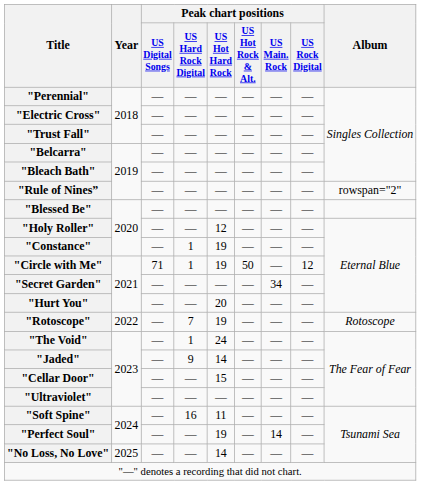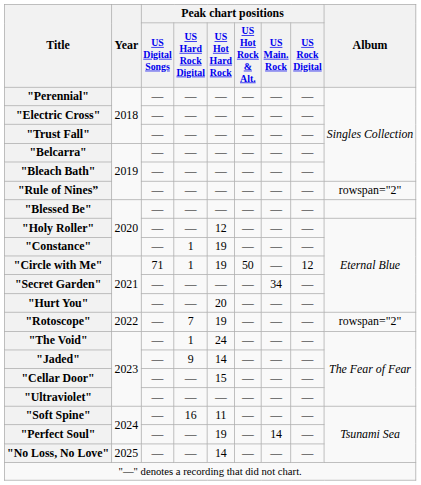 <table class="wikitable plainrowheaders" style="text-align:center;">
 <tr>
 <th scope="col" rowspan="2">Title</th>
 <th scope="col" rowspan="2">Year</th>
 <th scope="col" colspan="6">Peak chart positions</th>
 <th scope="col" rowspan="2">Album</th>
 </tr>
 <tr style="font-size:smaller">
 <th scope="col" style="width:30px;"><a href='#'>US<br>Digital<br>Songs</a><br></th>
 <th scope="col" style="width:30px;"><a href='#'>US<br>Hard<br>Rock<br>Digital</a><br></th>
 <th scope="col" style="width:30px;"><a href='#'>US<br>Hot<br>Hard<br>Rock</a><br></th>
 <th scope="col" style="width:30px;"><a href='#'>US<br>Hot<br>Rock<br>&<br>Alt.</a><br></th>
 <th scope="col" style="width:30px;"><a href='#'>US<br>Main.<br>Rock</a><br></th>
 <th scope="col" style="width:30px;"><a href='#'>US<br>Rock<br>Digital</a><br></th>
 </tr>
 <tr>
 <th scope="row">"Perennial"</th>
 <td rowspan="3">2018</td>
 <td>—</td>
 <td>—</td>
 <td>—</td>
 <td>—</td>
 <td>—</td>
 <td>—</td>
 <td rowspan="5"><em>Singles Collection</em></td>
 </tr>
 <tr>
 <th scope="row">"Electric Cross"</th>
 <td>—</td>
 <td>—</td>
 <td>—</td>
 <td>—</td>
 <td>—</td>
 <td>—</td>
 </tr>
 <tr>
 <th scope="row">"Trust Fall"</th>
 <td>—</td>
 <td>—</td>
 <td>—</td>
 <td>—</td>
 <td>—</td>
 <td>—</td>
 </tr>
 <tr>
 <th scope="row">"Belcarra"</th>
 <td rowspan="3">2019</td>
 <td>—</td>
 <td>—</td>
 <td>—</td>
 <td>—</td>
 <td>—</td>
 <td>—</td>
 </tr>
 <tr>
 <th scope="row">"Bleach Bath"</th>
 <td>—</td>
 <td>—</td>
 <td>—</td>
 <td>—</td>
 <td>—</td>
 <td>—</td>
 </tr>
 <tr>
 <th scope="row">"Rule of Nines”</th>
 <td>—</td>
 <td>—</td>
 <td>—</td>
 <td>—</td>
 <td>—</td>
 <td>—</td>
 <td>rowspan="2" </td>
 </tr>
 <tr>
 <th scope="row">"Blessed Be"</th>
 <td rowspan="3">2020</td>
 <td>—</td>
 <td>—</td>
 <td>—</td>
 <td>—</td>
 <td>—</td>
 <td>—</td>
 </tr>
 <tr>
 <th scope="row">"Holy Roller"</th>
 <td>—</td>
 <td>—</td>
 <td>12</td>
 <td>—</td>
 <td>—</td>
 <td>—</td>
 <td rowspan="5"><em>Eternal Blue</em></td>
 </tr>
 <tr>
 <th scope="row">"Constance"</th>
 <td>—</td>
 <td>1</td>
 <td>19</td>
 <td>—</td>
 <td>—</td>
 <td>—</td>
 </tr>
 <tr>
 <th scope="row">"Circle with Me"</th>
 <td rowspan="3">2021</td>
 <td>71</td>
 <td>1</td>
 <td>19</td>
 <td>50</td>
 <td>—</td>
 <td>12</td>
 </tr>
 <tr>
 <th scope="row">"Secret Garden"</th>
 <td>—</td>
 <td>—</td>
 <td>—</td>
 <td>—</td>
 <td>34</td>
 <td>—</td>
 </tr>
 <tr>
 <th scope="row">"Hurt You"</th>
 <td>—</td>
 <td>—</td>
 <td>20</td>
 <td>—</td>
 <td>—</td>
 <td>—</td>
 </tr>
 <tr>
 <th scope="row">"Rotoscope"</th>
 <td>2022</td>
 <td>—</td>
 <td>7</td>
 <td>19</td>
 <td>—</td>
 <td>—</td>
 <td>—</td>
-<td><em>Rotoscope</em></td>
+<td>rowspan="2" </td>
 </tr>
 <tr>
 <th scope="row">"The Void"</th>
 <td rowspan="4">2023</td>
 <td>—</td>
 <td>1</td>
 <td>24</td>
 <td>—</td>
 <td>—</td>
 <td>—</td>
 <td rowspan="4"><em>The Fear of Fear</em></td>
 </tr>
 <tr>
 <th scope="row">"Jaded"</th>
 <td>—</td>
 <td>9</td>
 <td>14</td>
 <td>—</td>
 <td>—</td>
 <td>—</td>
 </tr>
 <tr>
 <th scope="row">"Cellar Door"</th>
 <td>—</td>
 <td>—</td>
 <td>15</td>
 <td>—</td>
 <td>—</td>
 <td>—</td>
 </tr>
 <tr>
 <th scope="row">"Ultraviolet"</th>
 <td>—</td>
 <td>—</td>
 <td>—</td>
 <td>—</td>
 <td>—</td>
 <td>—</td>
 </tr>
 <tr>
 <th scope="row">"Soft Spine"</th>
 <td rowspan="2">2024</td>
 <td>—</td>
 <td>16</td>
 <td>11</td>
 <td>—</td>
 <td>—</td>
 <td>—</td>
 <td rowspan="3"><em>Tsunami Sea</em></td>
 </tr>
 <tr>
 <th scope="row">"Perfect Soul"</th>
 <td>—</td>
 <td>—</td>
 <td>19</td>
 <td>—</td>
 <td>14</td>
 <td>—</td>
 </tr>
 <tr>
 <th scope="row">"No Loss, No Love"</th>
 <td>2025</td>
 <td>—</td>
 <td>—</td>
 <td>14</td>
 <td>—</td>
 <td>—</td>
 <td>—</td>
 </tr>
 <tr>
 <td align="center" colspan="9" style="font-size:90%">"—" denotes a recording that did not chart.</td>
 </tr>
 </table>
